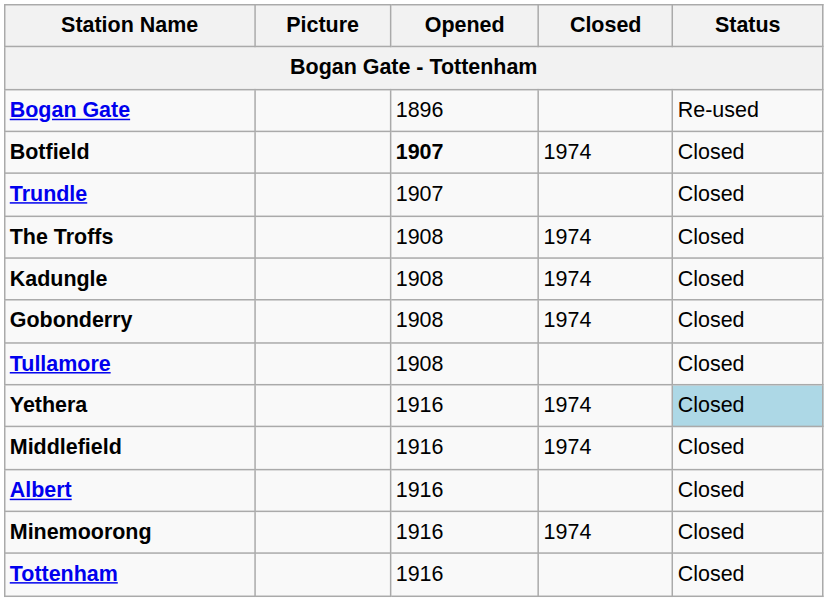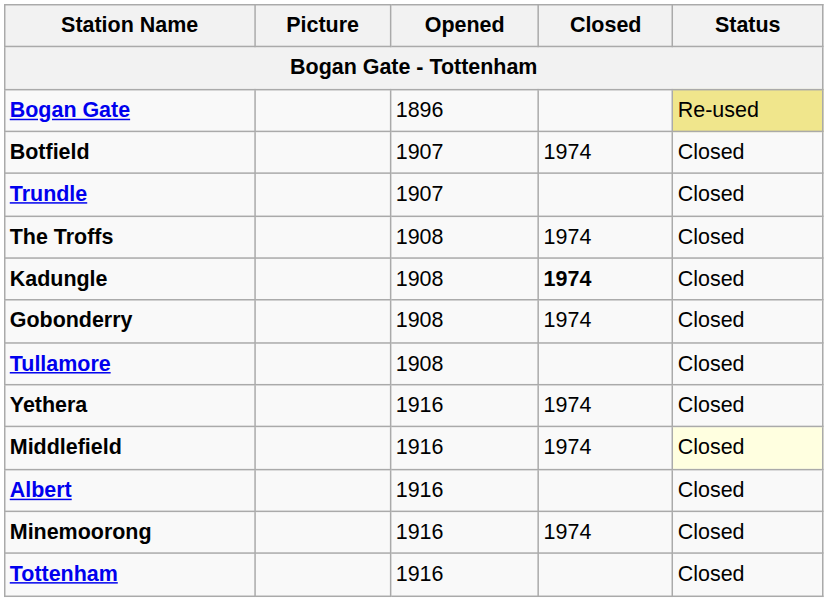 <table class="sortable wikitable" style="font-size:90%; border:0; text-align:left; line-height:150%; width:550px;">
 <tr>
 <th>Station Name</th>
 <th>Picture</th>
 <th>Opened</th>
 <th>Closed</th>
 <th>Status</th>
 </tr>
 <tr>
 <th colspan=7 style=background:#><span>Bogan Gate - Tottenham</span></th>
 </tr>
 <tr>
 <td><strong><a href='#'>Bogan Gate</a></strong></td>
 <td></td>
 <td>1896</td>
 <td></td>
-<td>Re-used</td>
+<td style="background: khaki;">Re-used</td>
 </tr>
 <tr>
 <td><strong>Botfield</strong></td>
 <td></td>
-<td><strong>1907</strong></td>
+<td>1907</td>
 <td>1974</td>
 <td>Closed</td>
 </tr>
 <tr>
 <td><strong><a href='#'>Trundle</a></strong></td>
 <td></td>
 <td>1907</td>
 <td></td>
 <td>Closed</td>
 </tr>
 <tr>
 <td><strong>The Troffs</strong></td>
 <td></td>
 <td>1908</td>
 <td>1974</td>
 <td>Closed</td>
 </tr>
 <tr>
 <td><strong>Kadungle</strong></td>
 <td></td>
 <td>1908</td>
-<td>1974</td>
+<td><strong>1974</strong></td>
 <td>Closed</td>
 </tr>
 <tr>
 <td><strong>Gobonderry</strong></td>
 <td></td>
 <td>1908</td>
 <td>1974</td>
 <td>Closed</td>
 </tr>
 <tr>
 <td><strong><a href='#'>Tullamore</a></strong></td>
 <td></td>
 <td>1908</td>
 <td></td>
 <td>Closed</td>
 </tr>
 <tr>
 <td><strong>Yethera</strong></td>
 <td></td>
 <td>1916</td>
 <td>1974</td>
-<td style="background: lightblue;">Closed</td>
+<td>Closed</td>
 </tr>
 <tr>
 <td><strong>Middlefield</strong></td>
 <td></td>
 <td>1916</td>
 <td>1974</td>
-<td>Closed</td>
+<td style="background: lightyellow;">Closed</td>
 </tr>
 <tr>
 <td><strong><a href='#'>Albert</a></strong></td>
 <td></td>
 <td>1916</td>
 <td></td>
 <td>Closed</td>
 </tr>
 <tr>
 <td><strong>Minemoorong</strong></td>
 <td></td>
 <td>1916</td>
 <td>1974</td>
 <td>Closed</td>
 </tr>
 <tr>
 <td><strong><a href='#'>Tottenham</a></strong></td>
 <td></td>
 <td>1916</td>
 <td></td>
 <td>Closed</td>
 </tr>
 </table>
